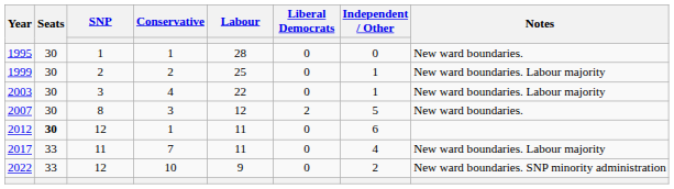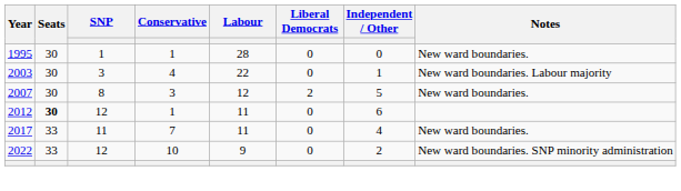 <table class="wikitable" style=text-align:center>
 <tr>
 <th rowspan=2><strong>Year</strong></th>
 <th rowspan=2><strong>Seats</strong></th>
 <th width="80"><a href='#'><strong>SNP</strong></a></th>
 <th width="80"><strong><a href='#'>Conservative</a></strong></th>
 <th width="80"><a href='#'><strong>Labour</strong></a></th>
 <th width="80"><a href='#'><strong>Liberal Democrats</strong></a></th>
 <th width="80"><a href='#'><strong>Independent / Other</strong></a></th>
 <th rowspan=2><strong>Notes</strong></th>
 </tr>
 <tr>
 <th style="background-color: "></th>
 <th style="background-color: "></th>
 <th style="background-color: "></th>
 <th style="background-color: "></th>
 <th style="background-color: "></th>
 </tr>
 <tr>
 <td><a href='#'>1995</a></td>
 <td>30</td>
 <td>1</td>
 <td>1</td>
 <td>28</td>
 <td>0</td>
 <td>0</td>
 <td align=left>New ward boundaries.</td>
-</tr>
-<tr>
-<td><a href='#'>1999</a></td>
-<td>30</td>
-<td>2</td>
-<td>2</td>
-<td>25</td>
-<td>0</td>
-<td>1</td>
-<td align=left>New ward boundaries. Labour majority</td>
 </tr>
 <tr>
 <td><a href='#'>2003</a></td>
 <td>30</td>
 <td>3</td>
 <td>4</td>
 <td>22</td>
 <td>0</td>
 <td>1</td>
 <td align=left>New ward boundaries. Labour majority</td>
 </tr>
 <tr>
 <td><a href='#'>2007</a></td>
 <td>30</td>
 <td>8</td>
 <td>3</td>
 <td>12</td>
 <td>2</td>
 <td>5</td>
 <td align=left>New ward boundaries.</td>
 </tr>
 <tr>
 <td><a href='#'>2012</a></td>
 <td><strong>30</strong></td>
 <td>12</td>
 <td>1</td>
 <td>11</td>
 <td>0</td>
 <td>6</td>
 <td align=left></td>
 </tr>
 <tr>
 <td><a href='#'>2017</a></td>
 <td>33</td>
 <td>11</td>
 <td>7</td>
 <td>11</td>
 <td>0</td>
 <td>4</td>
-<td align=left>New ward boundaries. Labour majority</td>
+<td align=left>New ward boundaries.</td>
 </tr>
 <tr>
 <td><a href='#'>2022</a></td>
 <td>33</td>
 <td>12</td>
 <td>10</td>
 <td>9</td>
 <td>0</td>
 <td>2</td>
 <td align=left>New ward boundaries. SNP minority administration</td>
 </tr>
 <tr>
 <th></th>
 <th></th>
 <th style="background-color: "></th>
 <th style="background-color: "></th>
 <th style="background-color: "></th>
 <th style="background-color: "></th>
 <th style="background-color: "></th>
 <th></th>
 </tr>
 </table>
